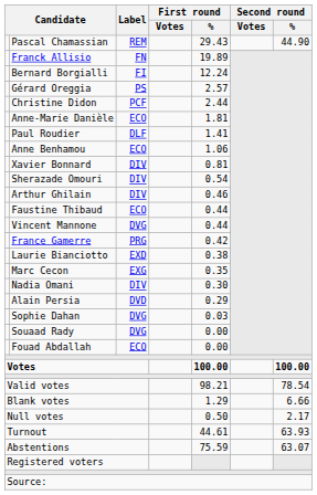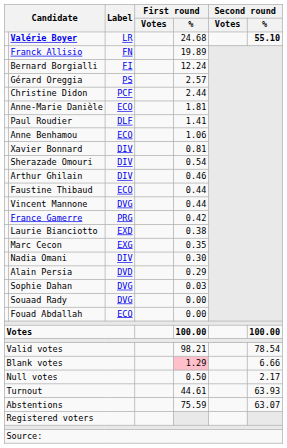 <table class="wikitable" style="text-align:right;font-size:95%;">
 <tr>
 <th rowspan="2" colspan="2">Candidate</th>
 <th rowspan="2">Label</th>
 <th colspan="2">First round</th>
 <th colspan="2">Second round</th>
 </tr>
 <tr>
 <th style="width:50px;">Votes</th>
 <th style="width:45px;">%</th>
 <th style="width:50px;">Votes</th>
 <th style="width:45px;">%</th>
 </tr>
 <tr>
 <td style="color:inherit;background:"></td>
-<td style="text-align:left;">Pascal Chamassian</td>
-<td><a href='#'>REM</a></td>
+<td style="text-align:left;"><strong><a href='#'>Valérie Boyer</a></strong></td>
+<td><a href='#'>LR</a></td>
 <td></td>
-<td>29.43</td>
-<td></td>
-<td>44.90</td>
+<td>24.68</td>
+<td><strong></strong></td>
+<td><strong>55.10</strong></td>
 </tr>
 <tr>
 <td style="color:inherit;background:"></td>
 <td style="text-align:left;"><a href='#'>Franck Allisio</a></td>
 <td><a href='#'>FN</a></td>
 <td></td>
 <td>19.89</td>
 <td colspan="2" rowspan="20" style="background:#E9E9E9;"></td>
 </tr>
 <tr>
 <td style="color:inherit;background:"></td>
 <td style="text-align:left;">Bernard Borgialli</td>
 <td><a href='#'>FI</a></td>
 <td></td>
 <td>12.24</td>
 </tr>
 <tr>
 <td style="color:inherit;background:"></td>
 <td style="text-align:left;">Gérard Oreggia</td>
 <td><a href='#'>PS</a></td>
 <td></td>
 <td>2.57</td>
 </tr>
 <tr>
 <td style="color:inherit;background:"></td>
 <td style="text-align:left;">Christine Didon</td>
 <td><a href='#'>PCF</a></td>
 <td></td>
 <td>2.44</td>
 </tr>
 <tr>
 <td style="color:inherit;background:"></td>
 <td style="text-align:left;">Anne-Marie Danièle</td>
 <td><a href='#'>ECO</a></td>
 <td></td>
 <td>1.81</td>
 </tr>
 <tr>
 <td style="color:inherit;background:"></td>
 <td style="text-align:left;">Paul Roudier</td>
 <td><a href='#'>DLF</a></td>
 <td></td>
 <td>1.41</td>
 </tr>
 <tr>
 <td style="color:inherit;background:"></td>
 <td style="text-align:left;">Anne Benhamou</td>
 <td><a href='#'>ECO</a></td>
 <td></td>
 <td>1.06</td>
 </tr>
 <tr>
 <td style="color:inherit;background:"></td>
 <td style="text-align:left;">Xavier Bonnard</td>
 <td><a href='#'>DIV</a></td>
 <td></td>
 <td>0.81</td>
 </tr>
 <tr>
 <td style="color:inherit;background:"></td>
 <td style="text-align:left;">Sherazade Omouri</td>
 <td><a href='#'>DIV</a></td>
 <td></td>
 <td>0.54</td>
 </tr>
 <tr>
 <td style="color:inherit;background:"></td>
 <td style="text-align:left;">Arthur Ghilain</td>
 <td><a href='#'>DIV</a></td>
 <td></td>
 <td>0.46</td>
 </tr>
 <tr>
 <td style="color:inherit;background:"></td>
 <td style="text-align:left;">Faustine Thibaud</td>
 <td><a href='#'>ECO</a></td>
 <td></td>
 <td>0.44</td>
 </tr>
 <tr>
 <td style="color:inherit;background:"></td>
 <td style="text-align:left;">Vincent Mannone</td>
 <td><a href='#'>DVG</a></td>
 <td></td>
 <td>0.44</td>
 </tr>
 <tr>
 <td style="color:inherit;background:"></td>
 <td style="text-align:left;"><a href='#'>France Gamerre</a></td>
 <td><a href='#'>PRG</a></td>
 <td></td>
 <td>0.42</td>
 </tr>
 <tr>
 <td style="color:inherit;background:"></td>
 <td style="text-align:left;">Laurie Bianciotto</td>
 <td><a href='#'>EXD</a></td>
 <td></td>
 <td>0.38</td>
 </tr>
 <tr>
 <td style="color:inherit;background:"></td>
 <td style="text-align:left;">Marc Cecon</td>
 <td><a href='#'>EXG</a></td>
 <td></td>
 <td>0.35</td>
 </tr>
 <tr>
 <td style="color:inherit;background:"></td>
 <td style="text-align:left;">Nadia Omani</td>
 <td><a href='#'>DIV</a></td>
 <td></td>
 <td>0.30</td>
 </tr>
 <tr>
 <td style="color:inherit;background:"></td>
 <td style="text-align:left;">Alain Persia</td>
 <td><a href='#'>DVD</a></td>
 <td></td>
 <td>0.29</td>
 </tr>
 <tr>
 <td style="color:inherit;background:"></td>
 <td style="text-align:left;">Sophie Dahan</td>
 <td><a href='#'>DVG</a></td>
 <td></td>
 <td>0.03</td>
 </tr>
 <tr>
 <td style="color:inherit;background:"></td>
 <td style="text-align:left;">Souaad Rady</td>
 <td><a href='#'>DVG</a></td>
 <td></td>
 <td>0.00</td>
 </tr>
 <tr>
 <td style="color:inherit;background:"></td>
 <td style="text-align:left;">Fouad Abdallah</td>
 <td><a href='#'>ECO</a></td>
 <td></td>
 <td>0.00</td>
 </tr>
 <tr>
 <td colspan="7" style="background:#E9E9E9;"></td>
 </tr>
 <tr style="font-weight:bold;">
 <td colspan="3" style="text-align:left;">Votes</td>
 <td></td>
 <td>100.00</td>
 <td></td>
 <td>100.00</td>
 </tr>
 <tr>
 <td colspan="7" style="background:#E9E9E9;"></td>
 </tr>
 <tr>
 <td colspan="3" style="text-align:left;">Valid votes</td>
 <td></td>
 <td>98.21</td>
 <td></td>
 <td>78.54</td>
 </tr>
 <tr>
 <td colspan="3" style="text-align:left;">Blank votes</td>
 <td></td>
-<td>1.29</td>
+<td style="background: pink;">1.29</td>
 <td></td>
 <td>6.66</td>
 </tr>
 <tr>
 <td colspan="3" style="text-align:left;">Null votes</td>
 <td></td>
 <td>0.50</td>
 <td></td>
 <td>2.17</td>
 </tr>
 <tr>
 <td colspan="3" style="text-align:left;">Turnout</td>
 <td></td>
 <td>44.61</td>
 <td></td>
 <td>63.93</td>
 </tr>
 <tr>
 <td colspan="3" style="text-align:left;">Abstentions</td>
 <td></td>
 <td>75.59</td>
 <td></td>
 <td>63.07</td>
 </tr>
 <tr>
 <td colspan="3" style="text-align:left;">Registered voters</td>
 <td></td>
 <td style="background:#E9E9E9;"></td>
 <td></td>
 <td style="background:#E9E9E9;"></td>
 </tr>
 <tr>
 <td colspan="7" style="background:#E9E9E9;"></td>
 </tr>
 <tr>
 <td colspan="7" style="text-align:left;">Source: </td>
 </tr>
 </table>
